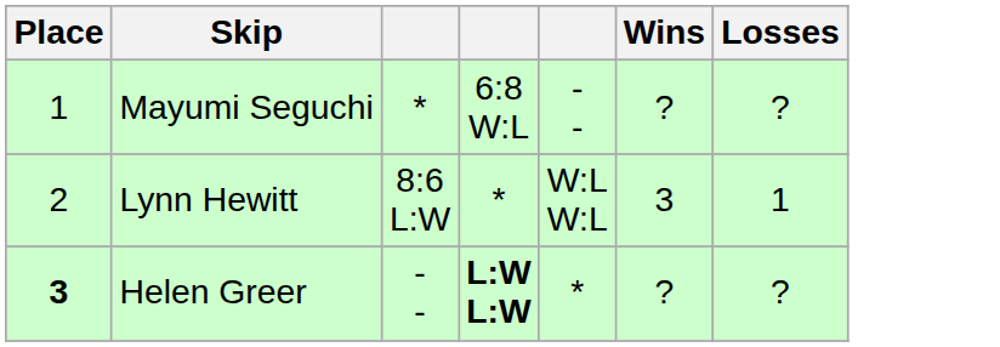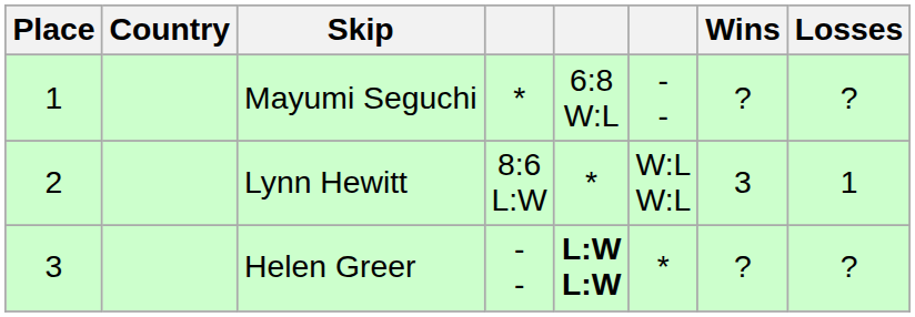 <table class="wikitable" style="text-align:center;">
 <tr>
 <th>Place</th>
+<th>Country</th>
 <th>Skip</th>
 <th width="25"></th>
 <th width="25"></th>
 <th width="25"></th>
 <th>Wins</th>
 <th>Losses</th>
 </tr>
 <tr bgcolor=#ccffcc>
 <td>1</td>
+<td align=left></td>
 <td align=left>Mayumi Seguchi</td>
 <td>*</td>
 <td>6:8<br> W:L</td>
 <td>- <br>  -</td>
 <td>?</td>
 <td>?</td>
 </tr>
 <tr bgcolor=#ccffcc>
 <td>2</td>
+<td align=left></td>
 <td align=left>Lynn Hewitt</td>
 <td>8:6<br> L:W</td>
 <td>*</td>
 <td>W:L<br> W:L</td>
 <td>3</td>
 <td>1</td>
 </tr>
 <tr bgcolor=#ccffcc>
-<td><strong>3</strong></td>
+<td>3</td>
+<td align=left></td>
 <td align=left>Helen Greer</td>
 <td>- <br>  -</td>
 <td><strong>L:W<br> L:W</strong></td>
 <td>*</td>
 <td>?</td>
 <td>?</td>
 </tr>
 </table>
